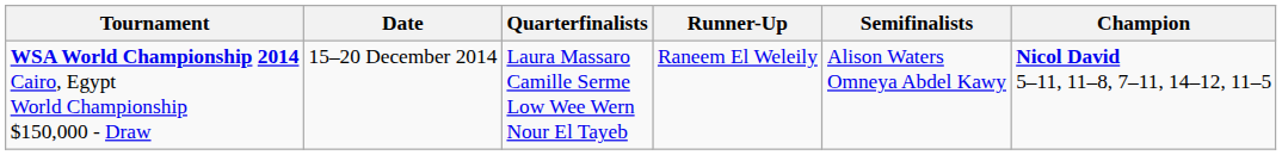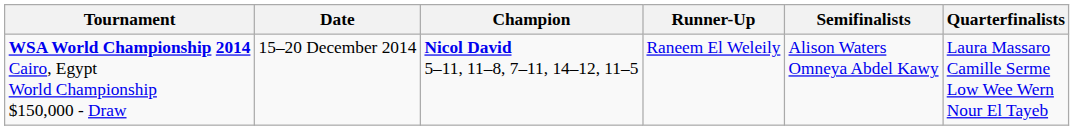 <table class="wikitable" style="font-size:88%">
 <tr>
 <th>Tournament</th>
 <th>Date</th>
-<th>Quarterfinalists</th>
+<th>Champion</th>
 <th>Runner-Up</th>
 <th>Semifinalists</th>
-<th>Champion</th>
+<th>Quarterfinalists</th>
 </tr>
 <tr valign=top>
 <td><strong><a href='#'>WSA World Championship</a> <a href='#'>2014</a></strong><br> <a href='#'>Cairo</a>, Egypt<br><a href='#'>World Championship</a><br>$150,000 - <a href='#'>Draw</a></td>
 <td>15–20 December 2014</td>
-<td> <a href='#'>Laura Massaro</a><br> <a href='#'>Camille Serme</a><br> <a href='#'>Low Wee Wern</a><br> <a href='#'>Nour El Tayeb</a></td>
+<td> <strong><a href='#'>Nicol David</a></strong><br>5–11, 11–8, 7–11, 14–12, 11–5</td>
 <td> <a href='#'>Raneem El Weleily</a></td>
 <td> <a href='#'>Alison Waters</a><br> <a href='#'>Omneya Abdel Kawy</a></td>
-<td> <strong><a href='#'>Nicol David</a></strong><br>5–11, 11–8, 7–11, 14–12, 11–5</td>
+<td> <a href='#'>Laura Massaro</a><br> <a href='#'>Camille Serme</a><br> <a href='#'>Low Wee Wern</a><br> <a href='#'>Nour El Tayeb</a></td>
 </tr>
 </table>
